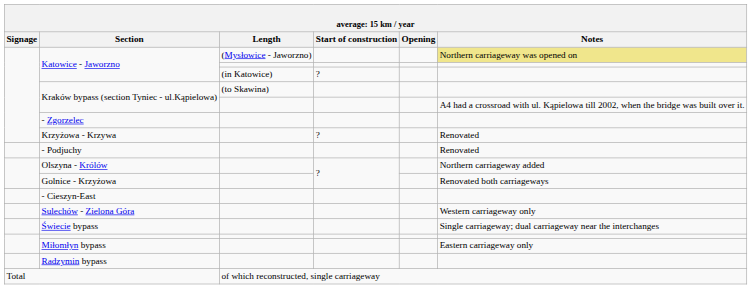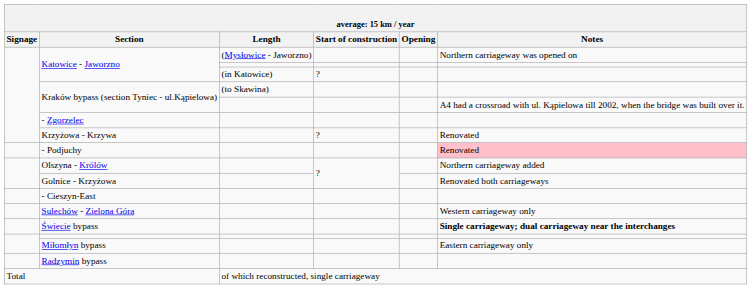 <table class="wikitable mw-collapsible mw-collapsed" style="font-size: 90%;">
 <tr>
 <th colspan="6" style="font-size: 110%"><br><small>average: 15 km / year</small></th>
 </tr>
 <tr>
 <th>Signage</th>
 <th>Section</th>
 <th>Length</th>
 <th>Start of construction</th>
 <th>Opening</th>
 <th>Notes</th>
 </tr>
 <tr>
 <td rowspan="7"></td>
 <td rowspan="3"><a href='#'>Katowice</a> - <a href='#'>Jaworzno</a></td>
 <td> (<a href='#'>Mysłowice</a> - Jaworzno)</td>
 <td></td>
 <td></td>
-<td style="background: khaki;">Northern carriageway was opened on </td>
+<td>Northern carriageway was opened on </td>
 </tr>
 <tr>
 <td></td>
 <td></td>
 <td></td>
 <td></td>
 </tr>
 <tr>
 <td> (in Katowice)</td>
 <td>?</td>
 <td></td>
 <td></td>
 </tr>
 <tr>
 <td rowspan="2">Kraków bypass (section Tyniec - ul.Kąpielowa)</td>
 <td> (to Skawina)</td>
 <td></td>
 <td></td>
 <td></td>
 </tr>
 <tr>
 <td></td>
 <td></td>
 <td></td>
 <td>A4 had a crossroad with ul. Kąpielowa till 2002, when the bridge was built over it.</td>
 </tr>
 <tr>
 <td> - <a href='#'>Zgorzelec</a></td>
 <td></td>
 <td></td>
 <td></td>
 <td></td>
 </tr>
 <tr>
 <td>Krzyżowa - Krzywa</td>
 <td></td>
 <td>?</td>
 <td></td>
 <td>Renovated</td>
 </tr>
 <tr>
 <td></td>
 <td> - Podjuchy</td>
 <td></td>
 <td></td>
 <td></td>
-<td>Renovated</td>
+<td style="background: pink;">Renovated</td>
 </tr>
 <tr>
 <td rowspan="2"></td>
 <td>Olszyna - <a href='#'>Królów</a></td>
 <td></td>
 <td rowspan="2">?</td>
 <td></td>
 <td>Northern carriageway added </td>
 </tr>
 <tr>
 <td>Golnice - Krzyżowa</td>
 <td></td>
 <td></td>
 <td>Renovated both carriageways</td>
 </tr>
 <tr>
 <td></td>
 <td> - Cieszyn-East</td>
 <td></td>
 <td></td>
 <td></td>
 <td></td>
 </tr>
 <tr>
 <td></td>
 <td><a href='#'>Sulechów</a> - <a href='#'>Zielona Góra</a></td>
 <td></td>
 <td></td>
 <td></td>
 <td>Western carriageway only</td>
 </tr>
 <tr>
 <td></td>
 <td><a href='#'>Świecie</a> bypass</td>
 <td></td>
 <td></td>
 <td></td>
-<td>Single carriageway; dual carriageway near the interchanges</td>
+<td><strong>Single carriageway; dual carriageway near the interchanges</strong></td>
 </tr>
 <tr>
 <td rowspan="2"></td>
 <td></td>
 <td></td>
 <td></td>
 <td></td>
 <td></td>
 </tr>
 <tr>
 <td><a href='#'>Miłomłyn</a> bypass</td>
 <td></td>
 <td></td>
 <td></td>
 <td>Eastern carriageway only</td>
 </tr>
 <tr>
 <td></td>
 <td><a href='#'>Radzymin</a> bypass</td>
 <td></td>
 <td></td>
 <td></td>
 <td></td>
 </tr>
 <tr>
 <td colspan=2>Total</td>
 <td colspan=4><strong></strong> of which  reconstructed,  single carriageway</td>
 </tr>
 </table>
